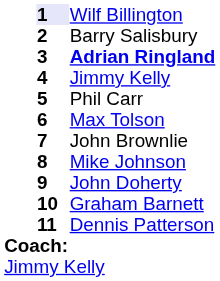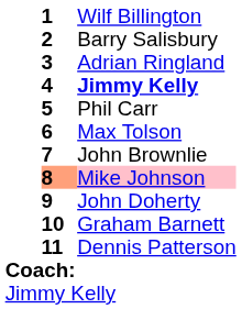 <table cellspacing="0" cellpadding="0" style="font-size:90%;margin:auto">
 <tr>
 <th width=25></th>
 <th width=25></th>
 </tr>
 <tr>
 <td></td>
-<td style="background: lavender;"><strong>1</strong></td>
+<td><strong>1</strong></td>
 <td> <a href='#'>Wilf Billington</a></td>
 </tr>
 <tr>
 <td></td>
 <td><strong>2</strong></td>
 <td> Barry Salisbury</td>
 </tr>
 <tr>
 <td></td>
 <td><strong>3</strong></td>
-<td><strong> <a href='#'>Adrian Ringland</a></strong></td>
+<td> <a href='#'>Adrian Ringland</a></td>
 </tr>
 <tr>
 <td></td>
 <td><strong>4</strong></td>
-<td> <a href='#'>Jimmy Kelly</a></td>
+<td><strong> <a href='#'>Jimmy Kelly</a></strong></td>
 </tr>
 <tr>
 <td></td>
 <td><strong>5</strong></td>
 <td> Phil Carr</td>
 </tr>
 <tr>
 <td></td>
 <td><strong>6</strong></td>
 <td> <a href='#'>Max Tolson</a></td>
 </tr>
 <tr>
 <td></td>
 <td><strong>7</strong></td>
 <td> John Brownlie</td>
 </tr>
 <tr>
 <td></td>
-<td><strong>8</strong></td>
-<td> <a href='#'>Mike Johnson</a></td>
+<td style="background: lightsalmon;"><strong>8</strong></td>
+<td style="background: pink;"> <a href='#'>Mike Johnson</a></td>
 </tr>
 <tr>
 <td></td>
 <td><strong>9</strong></td>
 <td> <a href='#'>John Doherty</a></td>
 </tr>
 <tr>
 <td></td>
 <td><strong>10</strong></td>
 <td> <a href='#'>Graham Barnett</a></td>
 </tr>
 <tr>
 <td></td>
 <td><strong>11</strong></td>
 <td> <a href='#'>Dennis Patterson</a></td>
 </tr>
 <tr>
 <td colspan=4><strong>Coach:</strong></td>
 </tr>
 <tr>
 <td colspan=4> <a href='#'>Jimmy Kelly</a></td>
 </tr>
 </table>
